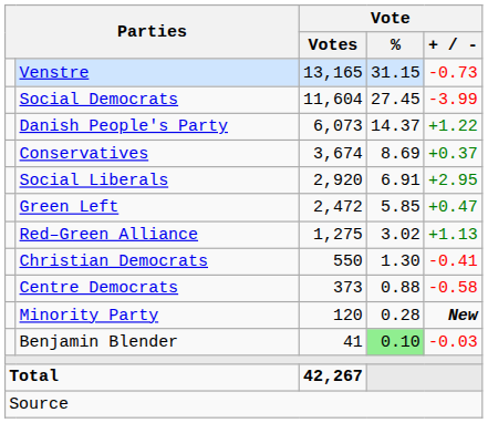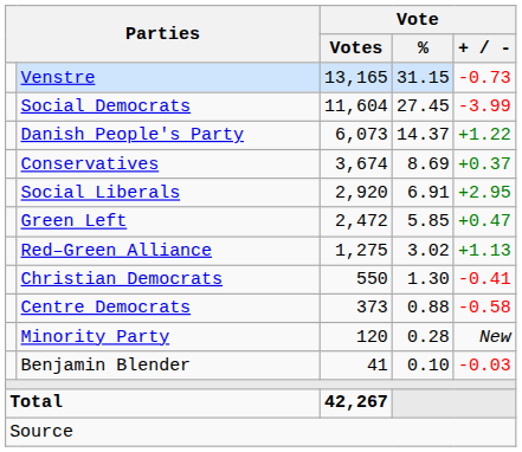 <table class="wikitable" style="text-align:right;">
 <tr>
 <th style="text-align:centre;" rowspan="2" colspan="2" width="225">Parties</th>
 <th colspan="3">Vote</th>
 </tr>
 <tr>
 <th width="15">Votes</th>
 <th width="15">%</th>
 <th width="15">+ / -</th>
 </tr>
 <tr>
 <td width="2" style="color:inherit;background:"></td>
 <td bgcolor=#cfe5fe  align="left"><a href='#'>Venstre</a></td>
 <td bgcolor=#cfe5fe>13,165</td>
 <td bgcolor=#cfe5fe>31.15</td>
 <td style=color:red;>-0.73</td>
 </tr>
 <tr>
 <td width="2" style="color:inherit;background:"></td>
 <td align="left"><a href='#'>Social Democrats</a></td>
 <td>11,604</td>
 <td>27.45</td>
 <td style=color:red;>-3.99</td>
 </tr>
 <tr>
 <td width="2" style="color:inherit;background:"></td>
 <td align="left"><a href='#'>Danish People's Party</a></td>
 <td>6,073</td>
 <td>14.37</td>
 <td style=color:green;>+1.22</td>
 </tr>
 <tr>
 <td width="2" style="color:inherit;background:"></td>
 <td align="left"><a href='#'>Conservatives</a></td>
 <td>3,674</td>
 <td>8.69</td>
 <td style=color:green;>+0.37</td>
 </tr>
 <tr>
 <td width="2" style="color:inherit;background:"></td>
 <td align="left"><a href='#'>Social Liberals</a></td>
 <td>2,920</td>
 <td>6.91</td>
 <td style=color:green;>+2.95</td>
 </tr>
 <tr>
 <td width="2" style="color:inherit;background:"></td>
 <td align="left"><a href='#'>Green Left</a></td>
 <td>2,472</td>
 <td>5.85</td>
 <td style=color:green;>+0.47</td>
 </tr>
 <tr>
 <td width="2" style="color:inherit;background:"></td>
 <td align="left"><a href='#'>Red–Green Alliance</a></td>
 <td>1,275</td>
 <td>3.02</td>
 <td style=color:green;>+1.13</td>
 </tr>
 <tr>
 <td width="2" style="color:inherit;background:"></td>
 <td align="left"><a href='#'>Christian Democrats</a></td>
 <td>550</td>
 <td>1.30</td>
 <td style=color:red;>-0.41</td>
 </tr>
 <tr>
 <td width="2" style="color:inherit;background:"></td>
 <td align="left"><a href='#'>Centre Democrats</a></td>
 <td>373</td>
 <td>0.88</td>
 <td style=color:red;>-0.58</td>
 </tr>
 <tr>
 <td width="2" style="color:inherit;background:"></td>
 <td align="left"><a href='#'>Minority Party</a></td>
 <td>120</td>
 <td>0.28</td>
-<td><strong><em>New</em></strong></td>
+<td><em>New</em></td>
 </tr>
 <tr>
 <td width="2" style="color:inherit;background:"></td>
 <td align="left">Benjamin Blender</td>
 <td>41</td>
-<td style="background: lightgreen;">0.10</td>
+<td>0.10</td>
 <td style=color:red;>-0.03</td>
 </tr>
 <tr>
 <td colspan="7" bgcolor="#E9E9E9"></td>
 </tr>
 <tr>
 <td align="left" colspan="2"><strong>Total</strong></td>
 <td><strong>42,267</strong></td>
 <td bgcolor="#E9E9E9" colspan="2"></td>
 </tr>
 <tr>
 <td align="left" colspan="6">Source</td>
 </tr>
 </table>
